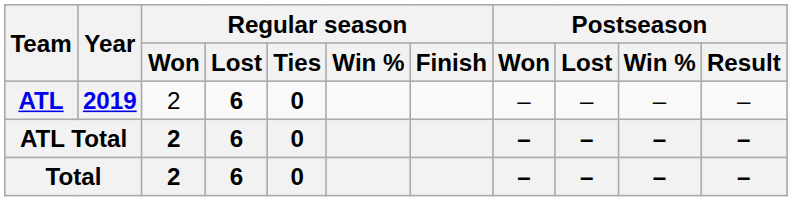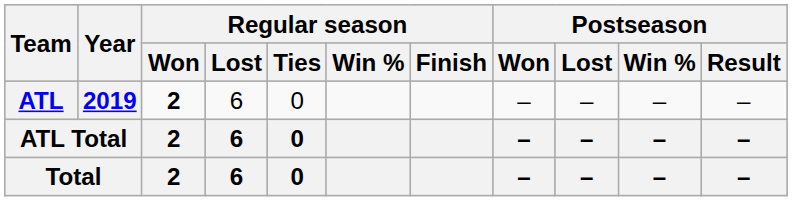 <table class="wikitable" style="font-size: 95%; text-align:center;">
 <tr>
 <th rowspan="2">Team</th>
 <th rowspan="2">Year</th>
 <th colspan="5">Regular season</th>
 <th colspan="4">Postseason</th>
 </tr>
 <tr>
 <th>Won</th>
 <th>Lost</th>
 <th>Ties</th>
 <th>Win %</th>
 <th>Finish</th>
 <th>Won</th>
 <th>Lost</th>
 <th>Win %</th>
 <th>Result</th>
 </tr>
 <tr>
 <th><a href='#'>ATL</a></th>
 <th><a href='#'>2019</a></th>
-<td>2</td>
-<td><strong>6</strong></td>
-<td><strong>0</strong></td>
+<td><strong>2</strong></td>
+<td>6</td>
+<td>0</td>
 <td></td>
 <td></td>
 <td>–</td>
 <td>–</td>
 <td>–</td>
 <td>–</td>
 </tr>
 <tr>
 <th colspan="2">ATL Total</th>
 <th>2</th>
 <th>6</th>
 <th>0</th>
 <th></th>
 <th></th>
 <th>–</th>
 <th>–</th>
 <th>–</th>
 <th>–</th>
 </tr>
 <tr>
 <th colspan="2">Total</th>
 <th>2</th>
 <th>6</th>
 <th>0</th>
 <th></th>
 <th></th>
 <th>–</th>
 <th>–</th>
 <th>–</th>
 <th>–</th>
 </tr>
 </table>
